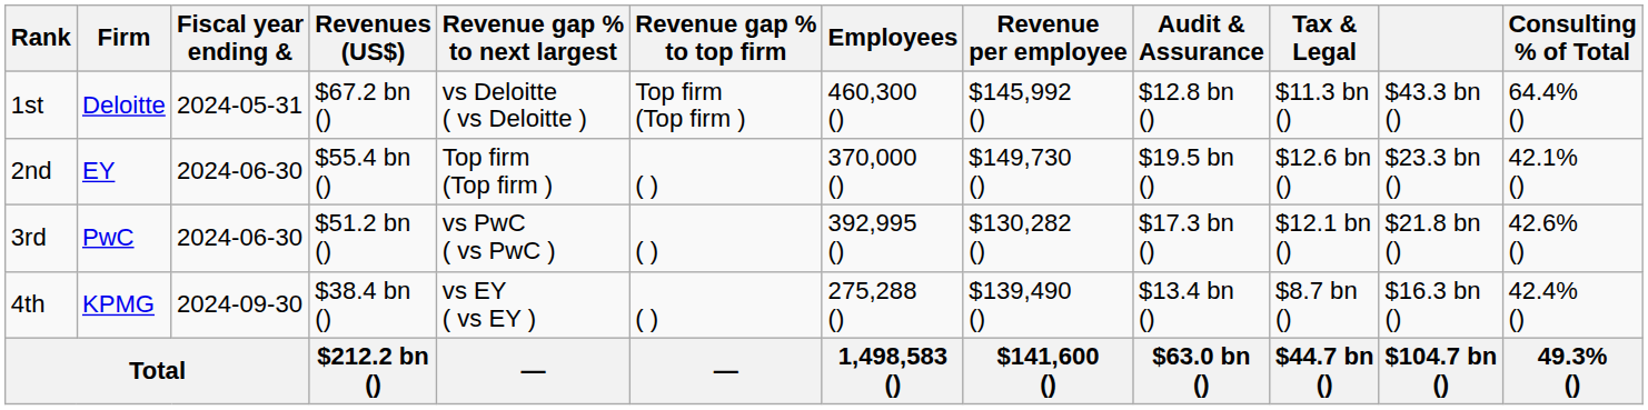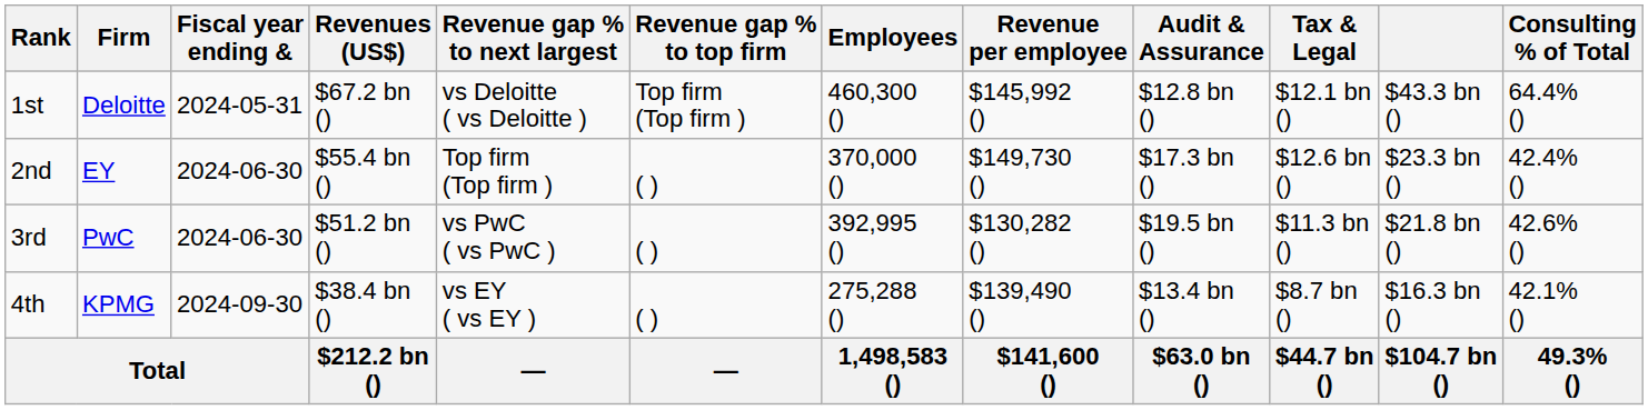 <table class="wikitable sortable">
 <tr>
 <th>Rank</th>
 <th>Firm</th>
 <th>Fiscal year<br>ending & </th>
 <th>Revenues<br>(US$)</th>
 <th>Revenue gap %<br>to next largest</th>
 <th>Revenue gap %<br>to top firm</th>
 <th>Employees</th>
 <th>Revenue<br>per employee</th>
 <th>Audit &<br>Assurance</th>
 <th>Tax &<br>Legal</th>
 <th></th>
 <th>Consulting<br>% of Total</th>
 </tr>
 <tr>
 <td>1st</td>
 <td> <a href='#'>Deloitte</a></td>
 <td>2024-05-31</td>
 <td>$67.2 bn<br>()</td>
 <td> vs Deloitte<br>( vs Deloitte )</td>
 <td>Top firm<br>(Top firm )</td>
 <td>460,300<br>()</td>
 <td>$145,992<br>()</td>
 <td>$12.8 bn<br>()</td>
-<td>$11.3 bn<br>()</td>
+<td>$12.1 bn<br>()</td>
 <td>$43.3 bn<br>()</td>
 <td>64.4%<br>()<br> </td>
 </tr>
 <tr>
 <td>2nd</td>
 <td> <a href='#'>EY</a></td>
 <td>2024-06-30</td>
 <td>$55.4 bn<br>()</td>
 <td>Top firm<br>(Top firm )</td>
 <td><br>( )</td>
 <td>370,000<br>()</td>
 <td>$149,730<br>()</td>
-<td>$19.5 bn<br>()</td>
+<td>$17.3 bn<br>()</td>
 <td>$12.6 bn<br>()</td>
 <td>$23.3 bn<br>()</td>
-<td>42.1%<br>()<br> </td>
+<td>42.4%<br>()<br> </td>
 </tr>
 <tr>
 <td>3rd</td>
 <td> <a href='#'>PwC</a></td>
 <td>2024-06-30</td>
 <td>$51.2 bn<br>()</td>
 <td> vs PwC<br>( vs PwC )</td>
 <td><br>( )</td>
 <td>392,995<br>()</td>
 <td>$130,282<br>()</td>
-<td>$17.3 bn<br>()</td>
-<td>$12.1 bn<br>()</td>
+<td>$19.5 bn<br>()</td>
+<td>$11.3 bn<br>()</td>
 <td>$21.8 bn<br>()</td>
 <td>42.6%<br>()<br> </td>
 </tr>
 <tr>
 <td>4th</td>
 <td> <a href='#'>KPMG</a></td>
 <td>2024-09-30</td>
 <td>$38.4 bn<br>()</td>
 <td> vs EY<br>( vs EY )</td>
 <td><br>( )</td>
 <td>275,288<br>()</td>
 <td>$139,490<br>()</td>
 <td>$13.4 bn<br>()</td>
 <td>$8.7 bn<br>()</td>
 <td>$16.3 bn<br>()</td>
-<td>42.4%<br>()<br> </td>
+<td>42.1%<br>()<br> </td>
 </tr>
 <tr>
 <th scope="row" colspan="3">Total</th>
 <th>$212.2 bn<br>()</th>
 <th>—</th>
 <th>—</th>
 <th>1,498,583<br>()</th>
 <th>$141,600<br>()</th>
 <th>$63.0 bn<br>()</th>
 <th>$44.7 bn<br>()</th>
 <th>$104.7 bn<br>()</th>
 <th>49.3%<br>()</th>
 </tr>
 </table>
